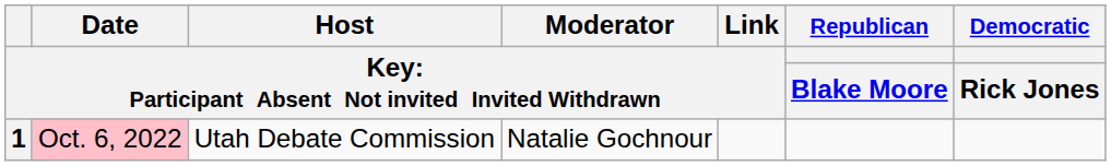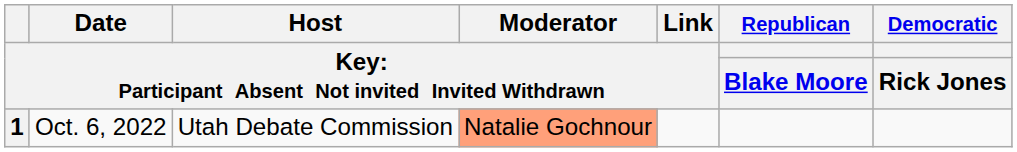 <table class="wikitable" style="text-align:center;">
 <tr>
 <th scope="col"></th>
 <th scope="col">Date</th>
 <th scope="col">Host</th>
 <th scope="col">Moderator</th>
 <th scope="col">Link</th>
 <th scope="col"><small><a href='#'>Republican</a></small></th>
 <th scope="col"><small><a href='#'>Democratic</a></small></th>
 </tr>
 <tr>
 <th colspan="5" rowspan="2">Key:<br> <small>Participant </small>  <small>Absent </small>  <small>Not invited </small>  <small>Invited  Withdrawn</small></th>
 <th scope="col" style="background:"></th>
 <th scope="col" style="background:"></th>
 </tr>
 <tr>
 <th scope="col"><a href='#'>Blake Moore</a></th>
 <th scope="col">Rick Jones</th>
 </tr>
 <tr>
 <th>1</th>
-<td style="background: pink; white-space:nowrap;">Oct. 6, 2022</td>
+<td style="white-space:nowrap;">Oct. 6, 2022</td>
 <td style="white-space:nowrap;">Utah Debate Commission</td>
-<td style="white-space:nowrap;">Natalie Gochnour</td>
+<td style="background: lightsalmon; white-space:nowrap;">Natalie Gochnour</td>
 <td style="white-space:nowrap;"></td>
 <td></td>
 <td></td>
 </tr>
 </table>
